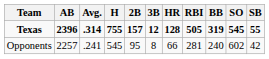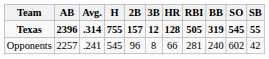 <table class="wikitable sortable">
 <tr>
 <th>Team</th>
 <th>AB</th>
 <th>Avg.</th>
 <th>H</th>
 <th>2B</th>
 <th>3B</th>
 <th>HR</th>
 <th>RBI</th>
 <th>BB</th>
 <th>SO</th>
 <th>SB</th>
 </tr>
 <tr style="text-align:center;">
 <td><strong>Texas </strong></td>
 <td><strong>2396</strong></td>
 <td><strong>.314</strong></td>
 <td><strong>755</strong></td>
 <td><strong>157</strong></td>
 <td><strong>12</strong></td>
 <td><strong>128</strong></td>
 <td><strong>505</strong></td>
 <td><strong>319</strong></td>
 <td><strong>545</strong></td>
 <td><strong>55</strong></td>
 </tr>
 <tr style="text-align:center;">
 <td>Opponents</td>
 <td>2257</td>
 <td>.241</td>
 <td>545</td>
-<td>95</td>
+<td>96</td>
 <td>8</td>
 <td>66</td>
 <td>281</td>
 <td>240</td>
 <td>602</td>
 <td>42</td>
 </tr>
 </table>
